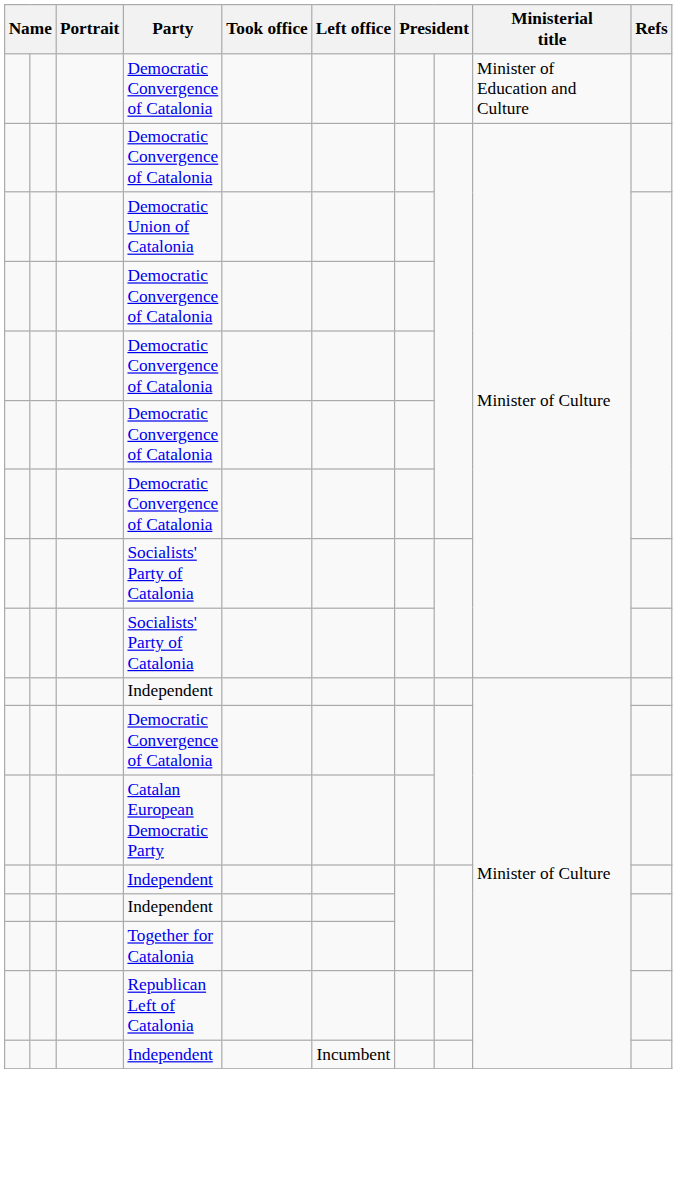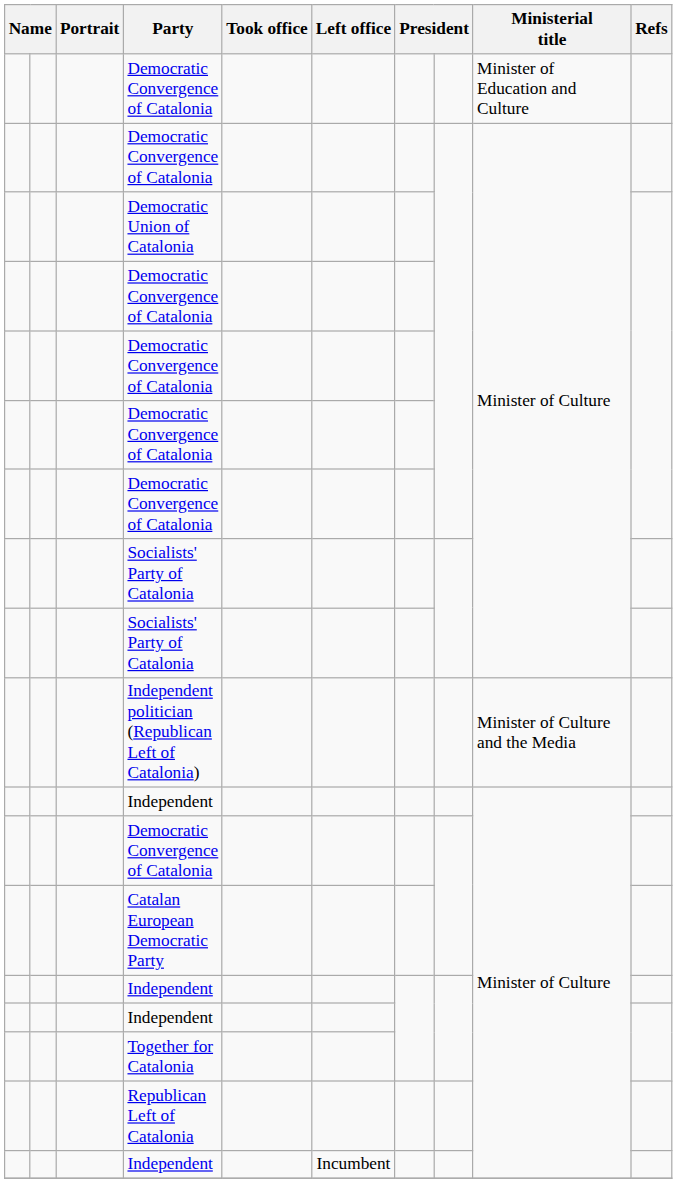 <table class="wikitable plainrowheaders sortable" style="font-size:90%; text-align:left;">
 <tr>
 <th scope=col colspan="2">Name</th>
 <th scope=col class=unsortable>Portrait</th>
 <th scope=col width=50px>Party</th>
 <th scope=col>Took office</th>
 <th scope=col>Left office</th>
 <th scope=col colspan="2">President</th>
 <th width=125px>Ministerial<br>title</th>
 <th scope=col width=25px class=unsortable>Refs</th>
 </tr>
 <tr>
 <td !align="center" style="background:"></td>
 <td></td>
 <td align=center></td>
 <td><a href='#'>Democratic Convergence of Catalonia</a></td>
 <td align=center></td>
 <td align=center></td>
 <td !align="center" style="background:"></td>
 <td></td>
 <td>Minister of Education and Culture</td>
 <td align=center></td>
 </tr>
 <tr>
 <td !align="center" style="background:"></td>
 <td></td>
 <td align=center></td>
 <td><a href='#'>Democratic Convergence of Catalonia</a></td>
 <td align=center></td>
 <td align=center></td>
 <td !align="center" style="background:"></td>
 <td rowspan=6></td>
 <td rowspan=8>Minister of Culture</td>
 <td align=center></td>
 </tr>
 <tr>
 <td !align="center" style="background:"></td>
 <td></td>
 <td align=center></td>
 <td><a href='#'>Democratic Union of Catalonia</a></td>
 <td align=center></td>
 <td align=center></td>
 <td align=center></td>
 </tr>
 <tr>
 <td !align="center" style="background:"></td>
 <td></td>
 <td align=center></td>
 <td><a href='#'>Democratic Convergence of Catalonia</a></td>
 <td align=center></td>
 <td align=center></td>
 <td align=center></td>
 </tr>
 <tr>
 <td !align="center" style="background:"></td>
 <td></td>
 <td align=center></td>
 <td><a href='#'>Democratic Convergence of Catalonia</a></td>
 <td align=center></td>
 <td align=center></td>
 <td align=center></td>
 </tr>
 <tr>
 <td !align="center" style="background:"></td>
 <td></td>
 <td align=center></td>
 <td><a href='#'>Democratic Convergence of Catalonia</a></td>
 <td align=center></td>
 <td align=center></td>
 <td align=center></td>
 </tr>
 <tr>
 <td !align="center" style="background:"></td>
 <td></td>
 <td align=center></td>
 <td><a href='#'>Democratic Convergence of Catalonia</a></td>
 <td align=center></td>
 <td align=center></td>
 <td align=center></td>
 </tr>
 <tr>
 <td !align="center" style="background:"></td>
 <td></td>
 <td align=center></td>
 <td><a href='#'>Socialists' Party of Catalonia</a></td>
 <td align=center></td>
 <td align=center></td>
 <td !align="center" style="background:"></td>
 <td rowspan=2></td>
 <td align=center></td>
 </tr>
 <tr>
 <td !align="center" style="background:"></td>
 <td></td>
 <td align=center></td>
 <td><a href='#'>Socialists' Party of Catalonia</a></td>
 <td align=center></td>
 <td align=center></td>
 <td align=center></td>
 </tr>
 <tr>
 <td !align="center" style="background:"></td>
 <td></td>
 <td align=center></td>
+<td><a href='#'>Independent politician</a> (<a href='#'>Republican Left of Catalonia</a>)</td>
+<td align=center></td>
+<td align=center></td>
+<td !align="center" style="background:"></td>
+<td></td>
+<td>Minister of Culture and the Media</td>
+<td align=center></td>
+</tr>
+<tr>
+<td !align="center" style="background:"></td>
+<td></td>
+<td align=center></td>
 <td>Independent</td>
 <td align=center></td>
 <td align=center></td>
 <td !align="center" style="background:"></td>
 <td></td>
 <td rowspan=8>Minister of Culture</td>
 <td align=center></td>
 </tr>
 <tr>
 <td !align="center" style="background:"></td>
 <td></td>
 <td align=center></td>
 <td><a href='#'>Democratic Convergence of Catalonia</a></td>
 <td align=center></td>
 <td align=center></td>
 <td !align="center" style="background:"></td>
 <td rowspan=2></td>
 <td align=center></td>
 </tr>
 <tr>
 <td !align="center" style="background:"></td>
 <td></td>
 <td align=center></td>
 <td><a href='#'>Catalan European Democratic Party</a></td>
 <td align=center></td>
 <td align=center></td>
 <td !align="center" style="background:"></td>
 <td align=center></td>
 </tr>
 <tr>
 <td !align="center" style="background:"></td>
 <td></td>
 <td align=center></td>
 <td><a href='#'>Independent</a></td>
 <td align=center></td>
 <td align=center></td>
 <td !align="center" rowspan=3 style="background:"></td>
 <td rowspan=3></td>
 <td align=center></td>
 </tr>
 <tr>
 <td !align="center" style="background:"></td>
 <td></td>
 <td align=center></td>
 <td>Independent</td>
 <td align=center></td>
 <td align=center></td>
 </tr>
 <tr>
 <td !align="center" style="background:"></td>
 <td></td>
 <td align="center"></td>
 <td><a href='#'>Together for Catalonia</a></td>
 <td align="center"></td>
 <td align=center></td>
 </tr>
 <tr>
 <td !align="center" style="background:"></td>
 <td></td>
 <td align="center"></td>
 <td><a href='#'>Republican Left of Catalonia</a></td>
 <td align=center></td>
 <td align=center></td>
 <td !align="center" style="background:"></td>
 <td></td>
 <td align=center></td>
 </tr>
 <tr>
 <td !align="center" style="background:"></td>
 <td></td>
 <td align="center"></td>
 <td><a href='#'>Independent</a></td>
 <td align=center></td>
 <td align=center>Incumbent</td>
 <td !align="center" style="background:"></td>
 <td></td>
 <td align=center></td>
 </tr>
 <tr>
 </tr>
 </table>
